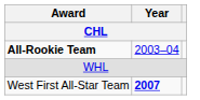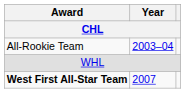 <table class="wikitable">
 <tr>
 <th>Award</th>
 <th>Year</th>
 <th></th>
 </tr>
 <tr bgcolor="#e0e0e0">
 <th colspan="3"><a href='#'>CHL</a></th>
 </tr>
 <tr>
-<td><strong>All-Rookie Team</strong></td>
+<td>All-Rookie Team</td>
 <td><a href='#'>2003–04</a></td>
 <td></td>
 </tr>
 <tr ALIGN="center" bgcolor="#e0e0e0">
 <td colspan="3"><a href='#'>WHL</a></td>
 </tr>
 <tr>
-<td>West First All-Star Team</td>
-<td><strong><a href='#'>2007</a></strong></td>
+<td><strong>West First All-Star Team</strong></td>
+<td><a href='#'>2007</a></td>
 <td></td>
 </tr>
 </table>
